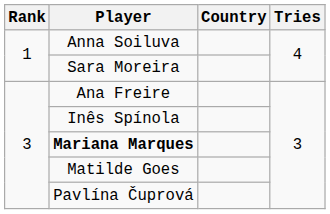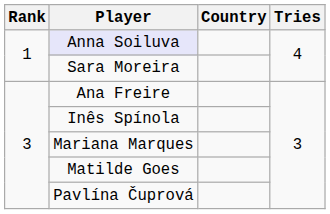 <table class="wikitable" style="text-align:center">
 <tr>
 <th>Rank</th>
 <th>Player</th>
 <th>Country</th>
 <th>Tries</th>
 </tr>
 <tr>
 <td rowspan=2>1</td>
-<td>Anna Soiluva</td>
+<td style="background: lavender;">Anna Soiluva</td>
 <td></td>
 <td rowspan=2>4</td>
 </tr>
 <tr>
 <td>Sara Moreira</td>
 <td></td>
 </tr>
 <tr>
 <td rowspan=5>3</td>
 <td>Ana Freire</td>
 <td></td>
 <td rowspan=5>3</td>
 </tr>
 <tr>
 <td>Inês Spínola</td>
 <td></td>
 </tr>
 <tr>
-<td><strong>Mariana Marques</strong></td>
+<td>Mariana Marques</td>
 <td></td>
 </tr>
 <tr>
 <td>Matilde Goes</td>
 <td></td>
 </tr>
 <tr>
 <td>Pavlína Čuprová</td>
 <td></td>
 </tr>
 </table>
